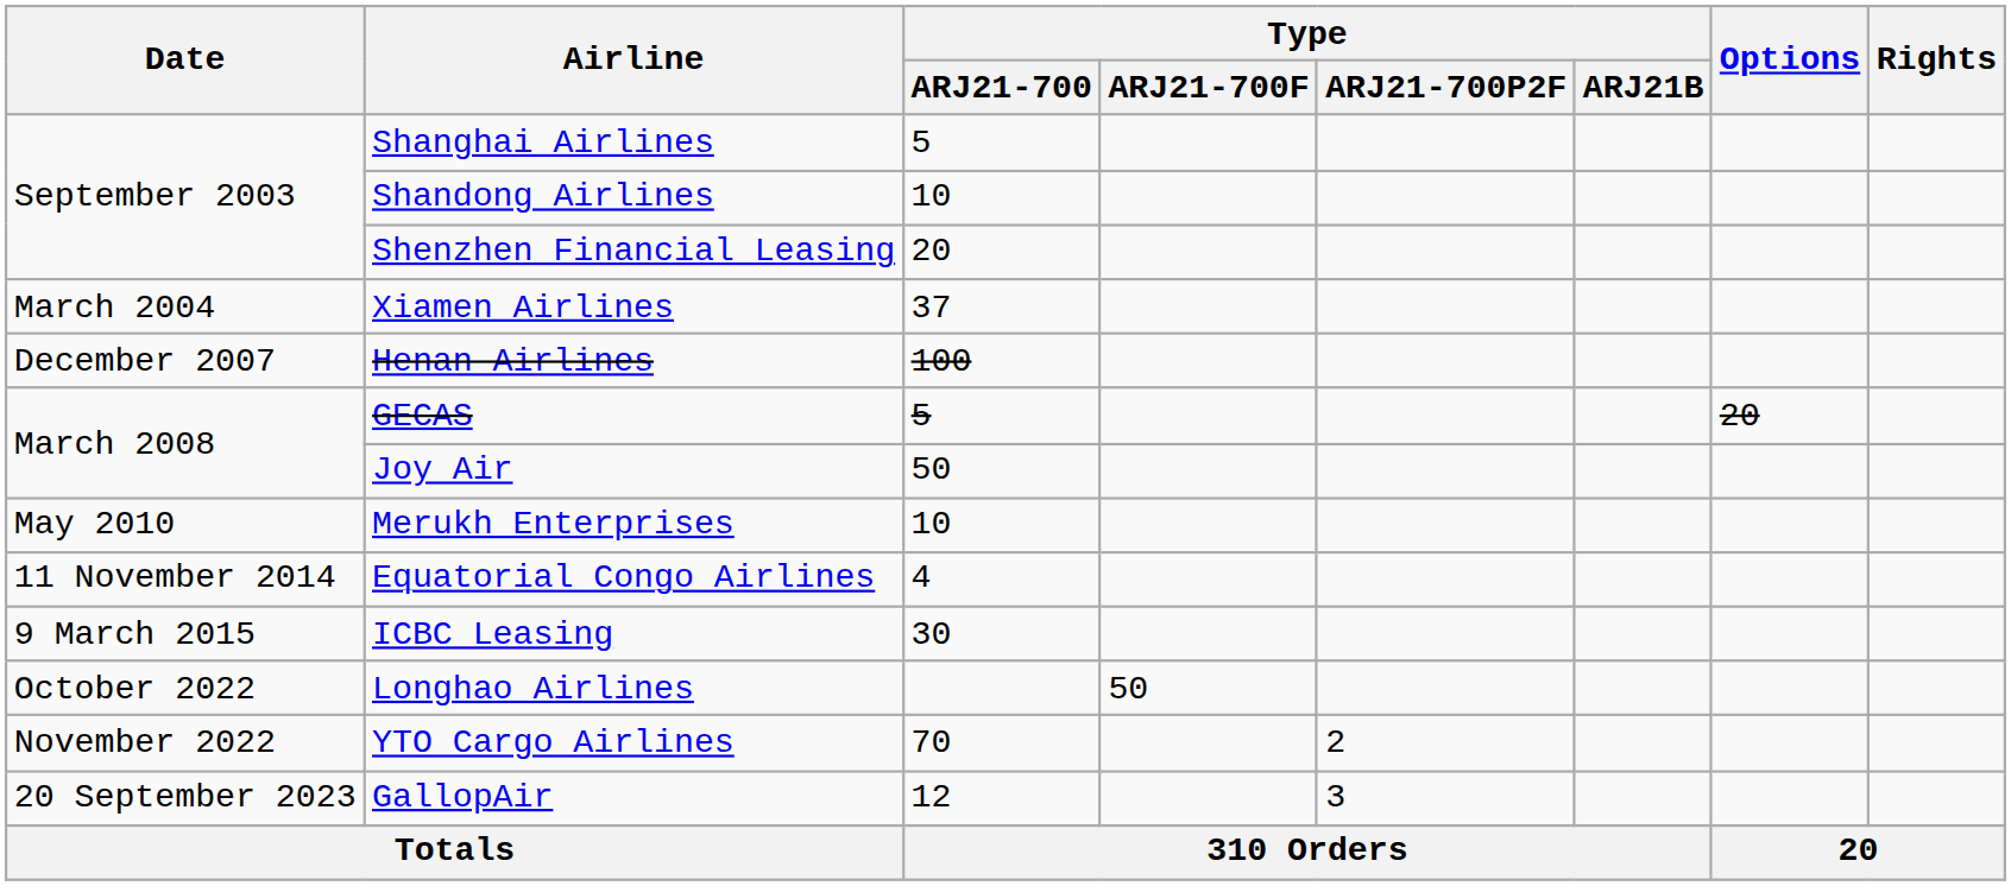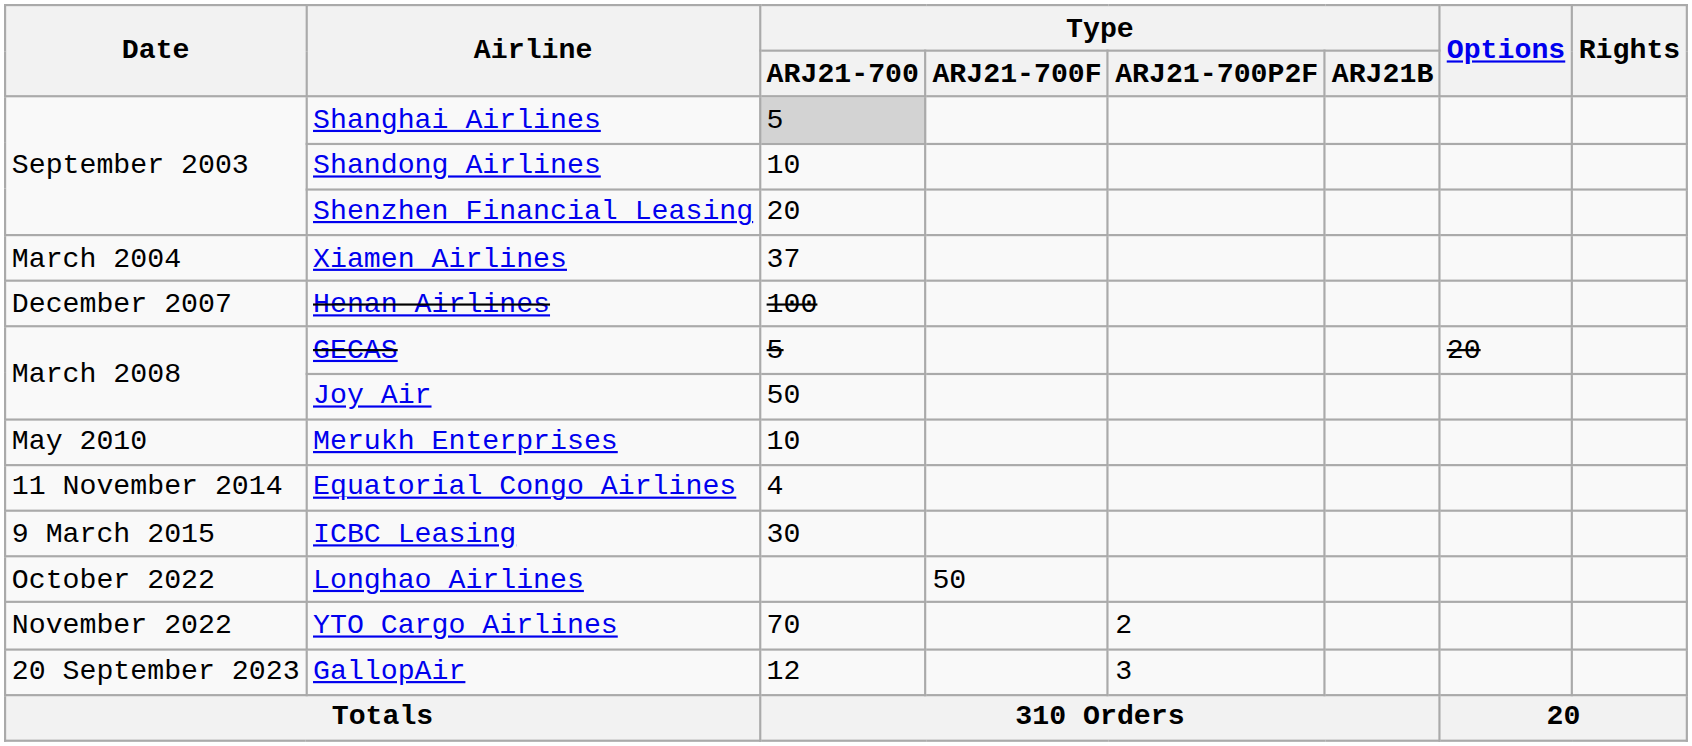 <table class="wikitable">
 <tr>
 <th rowspan="2">Date</th>
 <th rowspan="2">Airline</th>
 <th colspan="4">Type</th>
 <th rowspan="2"><a href='#'>Options</a></th>
 <th rowspan="2">Rights</th>
 </tr>
 <tr>
 <th>ARJ21-700</th>
 <th>ARJ21-700F</th>
 <th>ARJ21-700P2F</th>
 <th>ARJ21B</th>
 </tr>
 <tr>
 <td rowspan="3">September 2003</td>
 <td> <a href='#'>Shanghai Airlines</a></td>
-<td>5</td>
+<td style="background: lightgrey;">5</td>
 <td></td>
 <td></td>
 <td></td>
 <td></td>
 <td></td>
 </tr>
 <tr>
 <td> <a href='#'>Shandong Airlines</a></td>
 <td>10</td>
 <td></td>
 <td></td>
 <td></td>
 <td></td>
 <td></td>
 </tr>
 <tr>
 <td> <a href='#'>Shenzhen Financial Leasing</a></td>
 <td>20</td>
 <td></td>
 <td></td>
 <td></td>
 <td></td>
 <td></td>
 </tr>
 <tr>
 <td>March 2004</td>
 <td> <a href='#'>Xiamen Airlines</a></td>
 <td>37</td>
 <td></td>
 <td></td>
 <td></td>
 <td></td>
 <td></td>
 </tr>
 <tr>
 <td>December 2007</td>
 <td><s> <a href='#'>Henan Airlines</a></s></td>
 <td><s>100</s></td>
 <td></td>
 <td></td>
 <td></td>
 <td></td>
 <td></td>
 </tr>
 <tr>
 <td rowspan="2">March 2008</td>
 <td> <s><a href='#'>GECAS</a></s></td>
 <td><s>5</s></td>
 <td></td>
 <td></td>
 <td></td>
 <td><s>20</s></td>
 <td></td>
 </tr>
 <tr>
 <td> <a href='#'>Joy Air</a></td>
 <td>50</td>
 <td></td>
 <td></td>
 <td></td>
 <td></td>
 <td></td>
 </tr>
 <tr>
 <td>May 2010</td>
 <td> <a href='#'>Merukh Enterprises</a></td>
 <td>10</td>
 <td></td>
 <td></td>
 <td></td>
 <td></td>
 <td></td>
 </tr>
 <tr>
 <td>11 November 2014</td>
 <td> <a href='#'>Equatorial Congo Airlines</a></td>
 <td>4</td>
 <td></td>
 <td></td>
 <td></td>
 <td></td>
 <td></td>
 </tr>
 <tr>
 <td>9 March 2015</td>
 <td> <a href='#'>ICBC Leasing</a></td>
 <td>30</td>
 <td></td>
 <td></td>
 <td></td>
 <td></td>
 <td></td>
 </tr>
 <tr>
 <td>October 2022</td>
 <td> <a href='#'>Longhao Airlines</a></td>
 <td></td>
 <td>50</td>
 <td></td>
 <td></td>
 <td></td>
 <td></td>
 </tr>
 <tr>
 <td>November 2022</td>
 <td> <a href='#'>YTO Cargo Airlines</a></td>
 <td>70</td>
 <td></td>
 <td>2</td>
 <td></td>
 <td></td>
 <td></td>
 </tr>
 <tr>
 <td>20 September 2023</td>
 <td> <a href='#'>GallopAir</a></td>
 <td>12</td>
 <td></td>
 <td>3</td>
 <td></td>
 <td></td>
 <td></td>
 </tr>
 <tr>
 <th colspan="2">Totals</th>
 <th colspan="4">310 Orders</th>
 <th colspan="2">20</th>
 </tr>
 </table>
